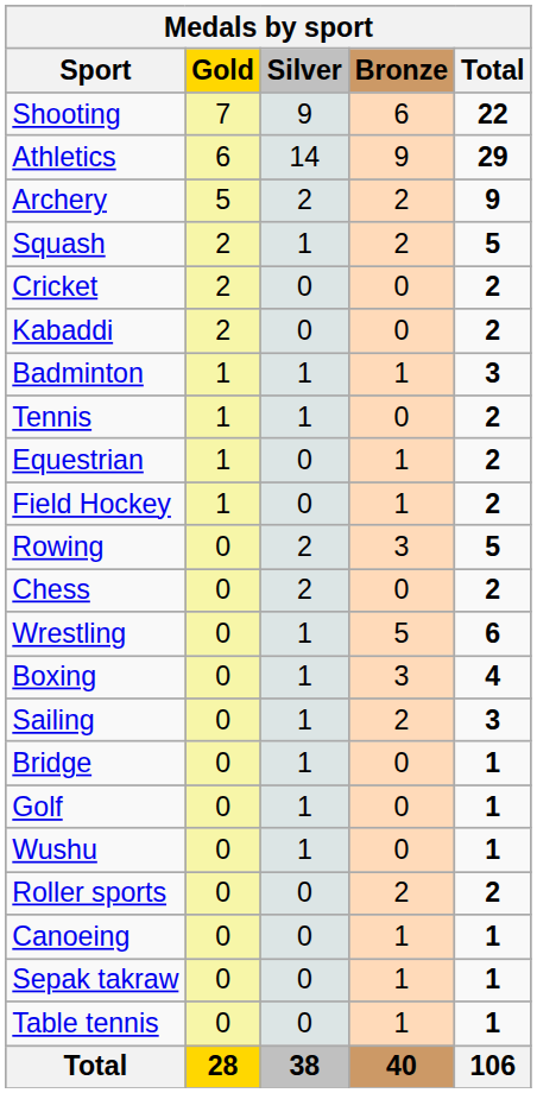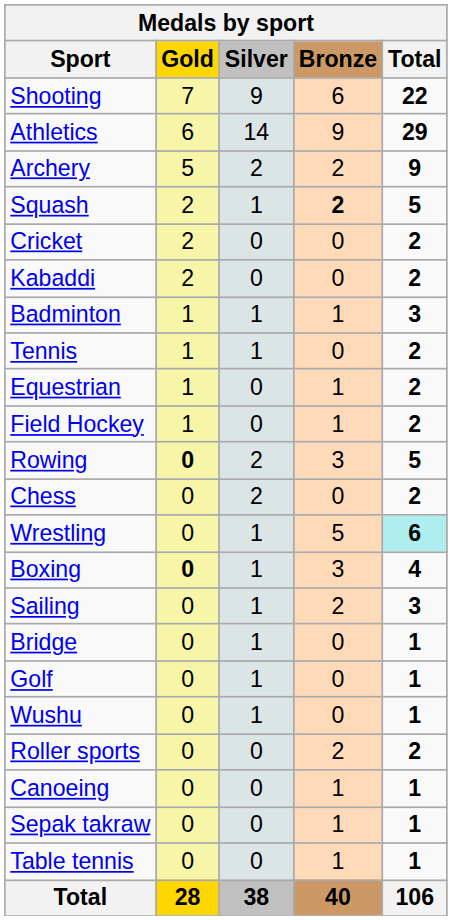 <table class="wikitable sortable collapsible"style="font-size:85%; text-align:center;">
 <tr style="background:#efefef;">
 <th colspan=5>Medals by sport</th>
 </tr>
 <tr>
 <th>Sport</th>
 <th style="background-color:gold;">Gold</th>
 <th style="background-color:silver;">Silver</th>
 <th style="background-color:#c96;">Bronze</th>
 <th>Total</th>
 </tr>
 <tr>
 <td align=left> <a href='#'>Shooting</a></td>
 <td style="background:#F7F6A8;">7</td>
 <td style="background:#DCE5E5;">9</td>
 <td style="background:#FFDAB9;">6</td>
 <td><strong>22</strong></td>
 </tr>
 <tr>
 <td align=left> <a href='#'>Athletics</a></td>
 <td style="background:#F7F6A8;">6</td>
 <td style="background:#DCE5E5;">14</td>
 <td style="background:#FFDAB9;">9</td>
 <td><strong>29</strong></td>
 </tr>
 <tr>
 <td align=left> <a href='#'>Archery</a></td>
 <td style="background:#F7F6A8;">5</td>
 <td style="background:#DCE5E5;">2</td>
 <td style="background:#FFDAB9;">2</td>
 <td><strong>9</strong></td>
 </tr>
 <tr>
 <td align=left> <a href='#'>Squash</a></td>
 <td style="background:#F7F6A8;">2</td>
 <td style="background:#DCE5E5;">1</td>
-<td style="background:#FFDAB9;">2</td>
+<td style="background:#FFDAB9;"><strong>2</strong></td>
 <td><strong>5</strong></td>
 </tr>
 <tr>
 <td align=left> <a href='#'>Cricket</a></td>
 <td style="background:#F7F6A8;">2</td>
 <td style="background:#DCE5E5;">0</td>
 <td style="background:#FFDAB9;">0</td>
 <td><strong>2</strong></td>
 </tr>
 <tr>
 <td align=left> <a href='#'>Kabaddi</a></td>
 <td style="background:#F7F6A8;">2</td>
 <td style="background:#DCE5E5;">0</td>
 <td style="background:#FFDAB9;">0</td>
 <td><strong>2</strong></td>
 </tr>
 <tr>
 <td align=left> <a href='#'>Badminton</a></td>
 <td style="background:#F7F6A8;">1</td>
 <td style="background:#DCE5E5;">1</td>
 <td style="background:#FFDAB9;">1</td>
 <td><strong>3</strong></td>
 </tr>
 <tr>
 <td align=left> <a href='#'>Tennis</a></td>
 <td style="background:#F7F6A8;">1</td>
 <td style="background:#DCE5E5;">1</td>
 <td style="background:#FFDAB9;">0</td>
 <td><strong>2</strong></td>
 </tr>
 <tr>
 <td align=left> <a href='#'>Equestrian</a></td>
 <td style="background:#F7F6A8;">1</td>
 <td style="background:#DCE5E5;">0</td>
 <td style="background:#FFDAB9;">1</td>
 <td><strong>2</strong></td>
 </tr>
 <tr>
 <td align=left> <a href='#'>Field Hockey</a></td>
 <td style="background:#F7F6A8;">1</td>
 <td style="background:#DCE5E5;">0</td>
 <td style="background:#FFDAB9;">1</td>
 <td><strong>2</strong></td>
 </tr>
 <tr>
 <td align=left> <a href='#'>Rowing</a></td>
-<td style="background:#F7F6A8;">0</td>
+<td style="background:#F7F6A8;"><strong>0</strong></td>
 <td style="background:#DCE5E5;">2</td>
 <td style="background:#FFDAB9;">3</td>
 <td><strong>5</strong></td>
 </tr>
 <tr>
 <td align=left> <a href='#'>Chess</a></td>
 <td style="background:#F7F6A8;">0</td>
 <td style="background:#DCE5E5;">2</td>
 <td style="background:#FFDAB9;">0</td>
 <td><strong>2</strong></td>
 </tr>
 <tr>
 <td align=left> <a href='#'>Wrestling</a></td>
 <td style="background:#F7F6A8;">0</td>
 <td style="background:#DCE5E5;">1</td>
 <td style="background:#FFDAB9;">5</td>
-<td><strong>6</strong></td>
+<td style="background: paleturquoise;"><strong>6</strong></td>
 </tr>
 <tr>
 <td align=left> <a href='#'>Boxing</a></td>
-<td style="background:#F7F6A8;">0</td>
+<td style="background:#F7F6A8;"><strong>0</strong></td>
 <td style="background:#DCE5E5;">1</td>
 <td style="background:#FFDAB9;">3</td>
 <td><strong>4</strong></td>
 </tr>
 <tr>
 <td align=left> <a href='#'>Sailing</a></td>
 <td style="background:#F7F6A8;">0</td>
 <td style="background:#DCE5E5;">1</td>
 <td style="background:#FFDAB9;">2</td>
 <td><strong>3</strong></td>
 </tr>
 <tr>
 <td align=left><a href='#'>Bridge</a></td>
 <td style="background:#F7F6A8;">0</td>
 <td style="background:#DCE5E5;">1</td>
 <td style="background:#FFDAB9;">0</td>
 <td><strong>1 </strong></td>
 </tr>
 <tr>
 <td align=left> <a href='#'>Golf</a></td>
 <td style="background:#F7F6A8;">0</td>
 <td style="background:#DCE5E5;">1</td>
 <td style="background:#FFDAB9;">0</td>
 <td><strong>1</strong></td>
 </tr>
 <tr>
 <td align=left><a href='#'>Wushu</a></td>
 <td style="background:#F7F6A8;">0</td>
 <td style="background:#DCE5E5;">1</td>
 <td style="background:#FFDAB9;">0</td>
 <td><strong>1</strong></td>
 </tr>
 <tr>
 <td align=left><a href='#'>Roller sports</a></td>
 <td style="background:#F7F6A8;">0</td>
 <td style="background:#DCE5E5;">0</td>
 <td style="background:#FFDAB9;">2</td>
 <td><strong>2</strong></td>
 </tr>
 <tr>
 <td align=left><a href='#'>Canoeing</a></td>
 <td style="background:#F7F6A8;">0</td>
 <td style="background:#DCE5E5;">0</td>
 <td style="background:#FFDAB9;">1</td>
 <td><strong>1</strong></td>
 </tr>
 <tr>
 <td align=left><a href='#'>Sepak takraw</a></td>
 <td style="background:#F7F6A8;">0</td>
 <td style="background:#DCE5E5;">0</td>
 <td style="background:#FFDAB9;">1</td>
 <td><strong>1</strong></td>
 </tr>
 <tr>
 <td align=left> <a href='#'>Table tennis</a></td>
 <td style="background:#F7F6A8;">0</td>
 <td style="background:#DCE5E5;">0</td>
 <td style="background:#FFDAB9;">1</td>
 <td><strong>1</strong></td>
 </tr>
 <tr>
 <th>Total</th>
 <th style="background:gold;">28</th>
 <th style="background:silver;">38</th>
 <th style="background:#c96;">40</th>
 <th>106</th>
 </tr>
 </table>
